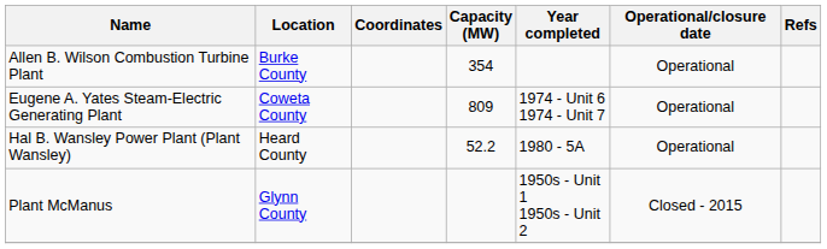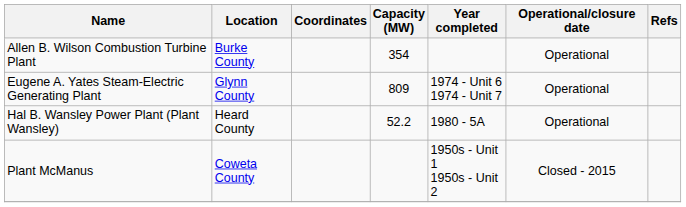 <table class="wikitable sortable">
 <tr>
 <th>Name</th>
 <th>Location</th>
 <th>Coordinates</th>
 <th>Capacity<br>(MW)</th>
 <th>Year<br>completed</th>
 <th>Operational/closure date</th>
 <th>Refs</th>
 </tr>
 <tr>
 <td>Allen B. Wilson Combustion Turbine Plant</td>
 <td><a href='#'>Burke County</a></td>
 <td></td>
 <td align="center">354</td>
 <td></td>
 <td align="center">Operational</td>
 <td></td>
 </tr>
 <tr>
 <td>Eugene A. Yates Steam-Electric Generating Plant</td>
-<td><a href='#'>Coweta County</a></td>
+<td><a href='#'>Glynn County</a></td>
 <td></td>
 <td align="center">809</td>
 <td>1974 - Unit 6<br>1974 - Unit 7</td>
 <td align="center">Operational</td>
 <td></td>
 </tr>
 <tr>
 <td>Hal B. Wansley Power Plant (Plant Wansley)</td>
 <td>Heard County</td>
 <td></td>
 <td align="center">52.2</td>
 <td>1980 - 5A</td>
 <td align="center">Operational</td>
 <td></td>
 </tr>
 <tr>
 <td>Plant McManus</td>
-<td><a href='#'>Glynn County</a></td>
+<td><a href='#'>Coweta County</a></td>
 <td></td>
 <td></td>
 <td>1950s - Unit 1<br>1950s - Unit 2</td>
 <td align="center">Closed - 2015</td>
 <td></td>
 </tr>
 <tr>
 </tr>
 </table>
